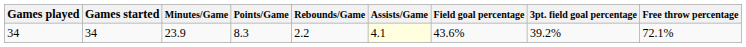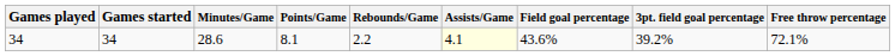 <table class="wikitable">
 <tr>
 <th>Games played</th>
 <th>Games started</th>
 <th><small>Minutes/Game</small></th>
 <th><small>Points/Game</small></th>
 <th><small>Rebounds/Game</small></th>
 <th><small>Assists/Game</small></th>
 <th><small>Field goal percentage</small></th>
 <th><small>3pt. field goal percentage</small></th>
 <th><small>Free throw percentage</small></th>
 </tr>
 <tr>
 <td>34</td>
 <td>34</td>
-<td>23.9</td>
-<td>8.3</td>
+<td>28.6</td>
+<td>8.1</td>
 <td>2.2</td>
 <td style="background: lightyellow;">4.1</td>
 <td>43.6%</td>
 <td>39.2%</td>
 <td>72.1%</td>
 </tr>
 </table>
